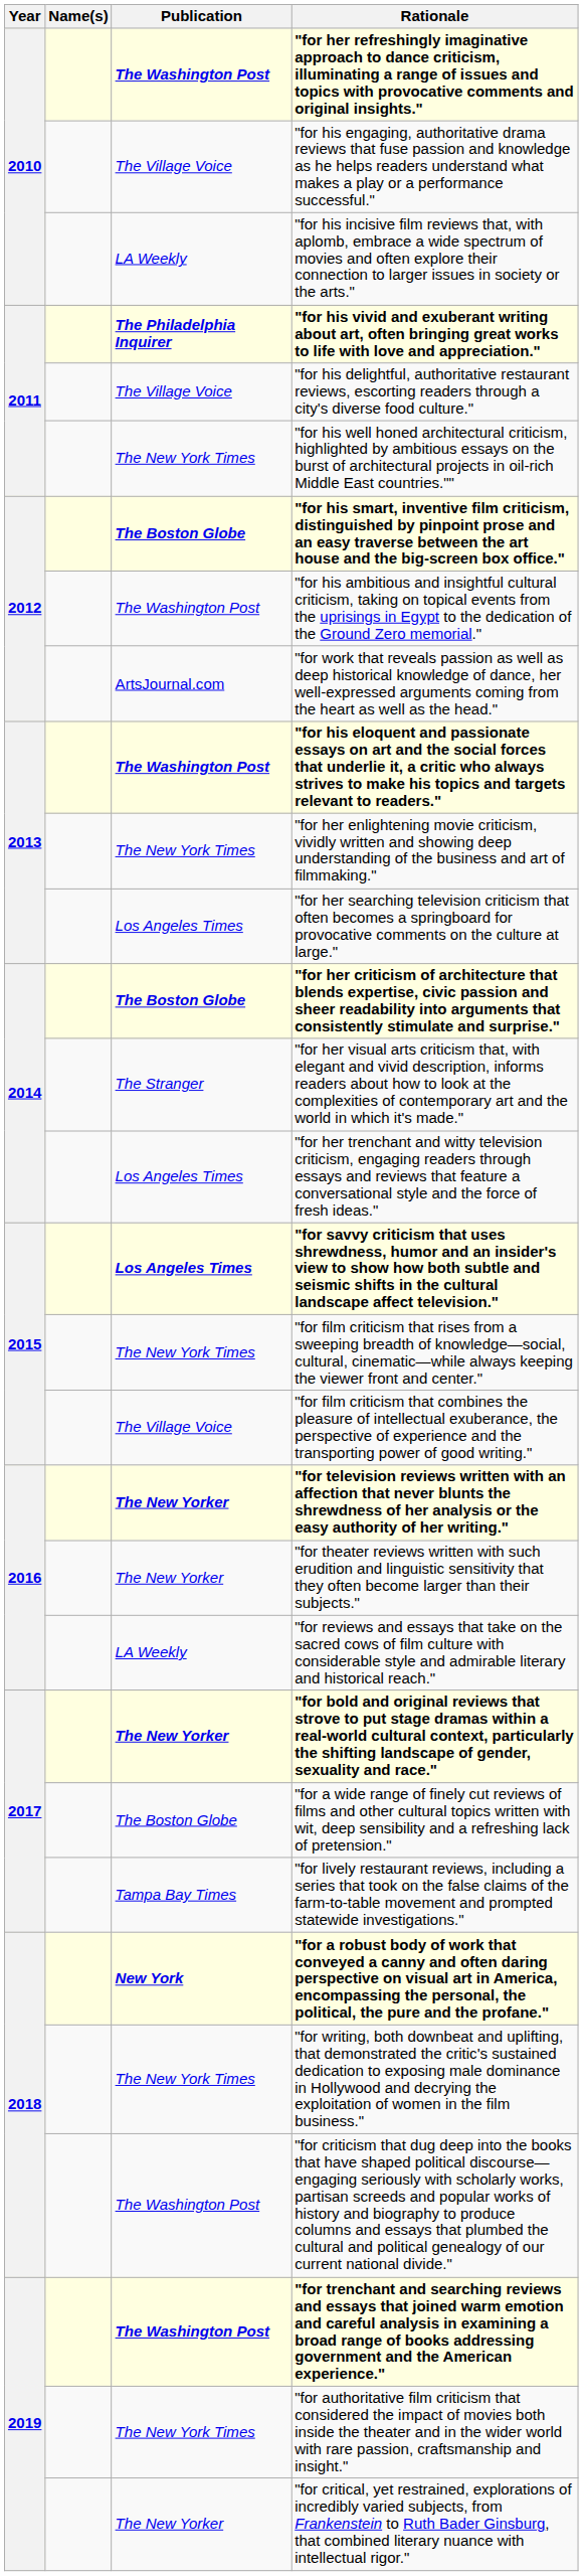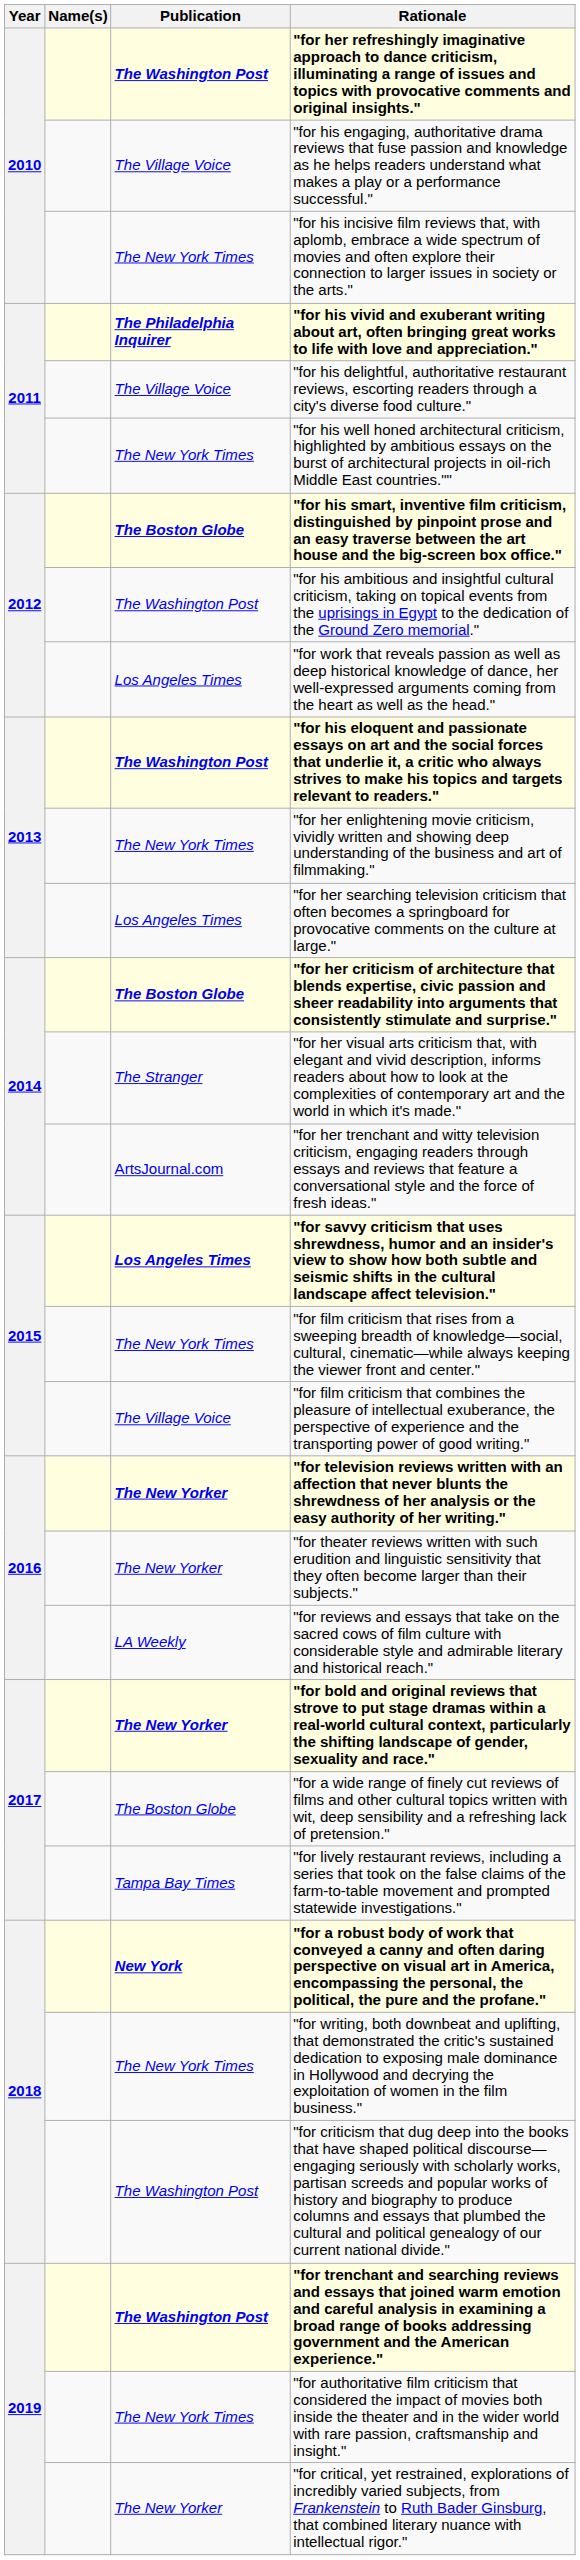 <table class="wikitable sortable">
 <tr style="vertical-align:bottom;">
 <th>Year</th>
 <th>Name(s)</th>
 <th>Publication</th>
 <th width=50%>Rationale</th>
 </tr>
 <tr style="background-color:lightyellow;">
 <th rowspan=3><strong><a href='#'>2010</a></strong></th>
 <td><strong></strong></td>
 <td><strong><em><a href='#'>The Washington Post</a></em></strong></td>
 <td><strong>"for her refreshingly imaginative approach to dance criticism, illuminating a range of issues and topics with provocative comments and original insights."</strong></td>
 </tr>
 <tr>
 <td></td>
 <td><em><a href='#'>The Village Voice</a></em></td>
 <td>"for his engaging, authoritative drama reviews that fuse passion and knowledge as he helps readers understand what makes a play or a performance successful."</td>
 </tr>
 <tr>
 <td></td>
-<td><em><a href='#'>LA Weekly</a></em></td>
+<td><em><a href='#'>The New York Times</a></em></td>
 <td>"for his incisive film reviews that, with aplomb, embrace a wide spectrum of movies and often explore their connection to larger issues in society or the arts."</td>
 </tr>
 <tr style="background-color:lightyellow;">
 <th rowspan=3><strong><a href='#'>2011</a></strong></th>
 <td><strong></strong></td>
 <td><strong><em><a href='#'>The Philadelphia Inquirer</a></em></strong></td>
 <td><strong>"for his vivid and exuberant writing about art, often bringing great works to life with love and appreciation."</strong></td>
 </tr>
 <tr>
 <td></td>
 <td><em><a href='#'>The Village Voice</a></em></td>
 <td>"for his delightful, authoritative restaurant reviews, escorting readers through a city's diverse food culture."</td>
 </tr>
 <tr>
 <td></td>
 <td><em><a href='#'>The New York Times</a></em></td>
 <td>"for his well honed architectural criticism, highlighted by ambitious essays on the burst of architectural projects in oil-rich Middle East countries.""</td>
 </tr>
 <tr style="background-color:lightyellow;">
 <th rowspan=3><strong><a href='#'>2012</a></strong></th>
 <td><strong></strong></td>
 <td><strong><em><a href='#'>The Boston Globe</a></em></strong></td>
 <td><strong>"for his smart, inventive film criticism, distinguished by pinpoint prose and an easy traverse between the art house and the big-screen box office."</strong></td>
 </tr>
 <tr>
 <td></td>
 <td><em><a href='#'>The Washington Post</a></em></td>
 <td>"for his ambitious and insightful cultural criticism, taking on topical events from the <a href='#'>uprisings in Egypt</a> to the dedication of the <a href='#'>Ground Zero memorial</a>."</td>
 </tr>
 <tr>
 <td></td>
-<td><a href='#'>ArtsJournal.com</a></td>
+<td><em><a href='#'>Los Angeles Times</a></em></td>
 <td>"for work that reveals passion as well as deep historical knowledge of dance, her well-expressed arguments coming from the heart as well as the head."</td>
 </tr>
 <tr style="background-color:lightyellow;">
 <th rowspan=3><strong><a href='#'>2013</a></strong></th>
 <td><strong></strong></td>
 <td><strong><em><a href='#'>The Washington Post</a></em></strong></td>
 <td><strong>"for his eloquent and passionate essays on art and the social forces that underlie it, a critic who always strives to make his topics and targets relevant to readers."</strong></td>
 </tr>
 <tr>
 <td></td>
 <td><em><a href='#'>The New York Times</a></em></td>
 <td>"for her enlightening movie criticism, vividly written and showing deep understanding of the business and art of filmmaking."</td>
 </tr>
 <tr>
 <td></td>
 <td><em><a href='#'>Los Angeles Times</a></em></td>
 <td>"for her searching television criticism that often becomes a springboard for provocative comments on the culture at large."</td>
 </tr>
 <tr style="background-color:lightyellow;">
 <th rowspan=3><strong><a href='#'>2014</a></strong></th>
 <td><strong></strong></td>
 <td><strong><em><a href='#'>The Boston Globe</a></em></strong></td>
 <td><strong>"for her criticism of architecture that blends expertise, civic passion and sheer readability into arguments that consistently stimulate and surprise."</strong></td>
 </tr>
 <tr>
 <td></td>
 <td><em><a href='#'>The Stranger</a></em></td>
 <td>"for her visual arts criticism that, with elegant and vivid description, informs readers about how to look at the complexities of contemporary art and the world in which it's made."</td>
 </tr>
 <tr>
 <td></td>
-<td><em><a href='#'>Los Angeles Times</a></em></td>
+<td><a href='#'>ArtsJournal.com</a></td>
 <td>"for her trenchant and witty television criticism, engaging readers through essays and reviews that feature a conversational style and the force of fresh ideas."</td>
 </tr>
 <tr style="background-color:lightyellow;">
 <th rowspan=3><strong><a href='#'>2015</a></strong></th>
 <td><strong></strong></td>
 <td><strong><em><a href='#'>Los Angeles Times</a></em></strong></td>
 <td><strong>"for savvy criticism that uses shrewdness, humor and an insider's view to show how both subtle and seismic shifts in the cultural landscape affect television."</strong></td>
 </tr>
 <tr>
 <td></td>
 <td><em><a href='#'>The New York Times</a></em></td>
 <td>"for film criticism that rises from a sweeping breadth of knowledge—social, cultural, cinematic—while always keeping the viewer front and center."</td>
 </tr>
 <tr>
 <td></td>
 <td><em><a href='#'>The Village Voice</a></em></td>
 <td>"for film criticism that combines the pleasure of intellectual exuberance, the perspective of experience and the transporting power of good writing."</td>
 </tr>
 <tr style="background-color:lightyellow;">
 <th rowspan=3><strong><a href='#'>2016</a></strong></th>
 <td><strong></strong></td>
 <td><strong><em><a href='#'>The New Yorker</a></em></strong></td>
 <td><strong>"for television reviews written with an affection that never blunts the shrewdness of her analysis or the easy authority of her writing."</strong></td>
 </tr>
 <tr>
 <td></td>
 <td><em><a href='#'>The New Yorker</a></em></td>
 <td>"for theater reviews written with such erudition and linguistic sensitivity that they often become larger than their subjects."</td>
 </tr>
 <tr>
 <td></td>
 <td><em><a href='#'>LA Weekly</a></em></td>
 <td>"for reviews and essays that take on the sacred cows of film culture with considerable style and admirable literary and historical reach."</td>
 </tr>
 <tr style="background-color:lightyellow;">
 <th rowspan=3><strong><a href='#'>2017</a></strong></th>
 <td><strong></strong></td>
 <td><strong><em><a href='#'>The New Yorker</a></em></strong></td>
 <td><strong>"for bold and original reviews that strove to put stage dramas within a real-world cultural context, particularly the shifting landscape of gender, sexuality and race."</strong></td>
 </tr>
 <tr>
 <td></td>
 <td><em><a href='#'>The Boston Globe</a></em></td>
 <td>"for a wide range of finely cut reviews of films and other cultural topics written with wit, deep sensibility and a refreshing lack of pretension."</td>
 </tr>
 <tr>
 <td></td>
 <td><em><a href='#'>Tampa Bay Times</a></em></td>
 <td>"for lively restaurant reviews, including a series that took on the false claims of the farm-to-table movement and prompted statewide investigations."</td>
 </tr>
 <tr style="background-color:lightyellow;">
 <th rowspan=3><strong><a href='#'>2018</a></strong></th>
 <td><strong></strong></td>
 <td><strong><em><a href='#'>New York</a></em></strong></td>
 <td><strong>"for a robust body of work that conveyed a canny and often daring perspective on visual art in America, encompassing the personal, the political, the pure and the profane."</strong></td>
 </tr>
 <tr>
 <td></td>
 <td><em><a href='#'>The New York Times</a></em></td>
 <td>"for writing, both downbeat and uplifting, that demonstrated the critic's sustained dedication to exposing male dominance in Hollywood and decrying the exploitation of women in the film business."</td>
 </tr>
 <tr>
 <td></td>
 <td><em><a href='#'>The Washington Post</a></em></td>
 <td>"for criticism that dug deep into the books that have shaped political discourse—engaging seriously with scholarly works, partisan screeds and popular works of history and biography to produce columns and essays that plumbed the cultural and political genealogy of our current national divide."</td>
 </tr>
 <tr style="background-color:lightyellow;">
 <th rowspan=3><strong><a href='#'>2019</a></strong></th>
 <td><strong></strong></td>
 <td><strong><em><a href='#'>The Washington Post</a></em></strong></td>
 <td><strong>"for trenchant and searching reviews and essays that joined warm emotion and careful analysis in examining a broad range of books addressing government and the American experience."</strong></td>
 </tr>
 <tr>
 <td></td>
 <td><em><a href='#'>The New York Times</a></em></td>
 <td>"for authoritative film criticism that considered the impact of movies both inside the theater and in the wider world with rare passion, craftsmanship and insight."</td>
 </tr>
 <tr>
 <td></td>
 <td><em><a href='#'>The New Yorker</a></em></td>
 <td>"for critical, yet restrained, explorations of incredibly varied subjects, from <em><a href='#'>Frankenstein</a></em> to <a href='#'>Ruth Bader Ginsburg</a>, that combined literary nuance with intellectual rigor."</td>
 </tr>
 </table>
